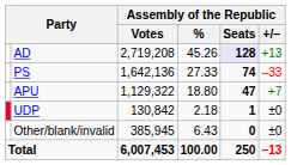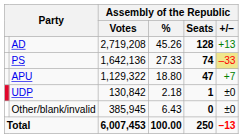 <table class="wikitable" style="text-align:right; font-size:95%;">
 <tr>
 <th colspan="2" rowspan="2">Party</th>
 <th colspan="4">Assembly of the Republic</th>
 </tr>
 <tr>
 <th>Votes</th>
 <th>%</th>
 <th>Seats</th>
 <th>+/−</th>
 </tr>
 <tr>
 <td style="background:"></td>
 <td align="left"><a href='#'>AD</a></td>
 <td>2,719,208</td>
 <td>45.26</td>
-<td style="background: lavender;"><strong>128</strong></td>
+<td><strong>128</strong></td>
 <td style="color:green;">+13</td>
 </tr>
 <tr>
 <td style="background:"></td>
 <td align="left"><a href='#'>PS</a></td>
 <td>1,642,136</td>
 <td>27.33</td>
 <td><strong>74</strong></td>
-<td style="color:red;">–33</td>
+<td style="background: khaki; color:red;">–33</td>
 </tr>
 <tr>
 <td style="background:"></td>
 <td align="left"><a href='#'>APU</a></td>
 <td>1,129,322</td>
 <td>18.80</td>
 <td><strong>47</strong></td>
 <td style="color:green;">+7</td>
 </tr>
 <tr>
 <td style="background:#E2062C;"></td>
 <td align=left><a href='#'>UDP</a></td>
 <td>130,842</td>
 <td>2.18</td>
 <td><strong>1</strong></td>
 <td>±0</td>
 </tr>
 <tr>
 <td style="background:white;"></td>
 <td align="left">Other/blank/invalid</td>
 <td>385,945</td>
 <td>6.43</td>
 <td><strong>0</strong></td>
 <td>±0</td>
 </tr>
 <tr style="font-weight:bold">
 <td colspan="2" align="left">Total</td>
 <td>6,007,453</td>
 <td>100.00</td>
 <td>250</td>
 <td style="color:red;">–13</td>
 </tr>
 </table>
